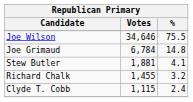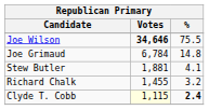 <table class="wikitable" style="margin: 1em 1em 1em 0; font-size: 95%;">
 <tr style="background-color:#E9E9E9">
 <th colspan="3">Republican Primary</th>
 </tr>
 <tr style="background-color:#E9E9E9">
 <th colspan="1" style="width: 170px">Candidate</th>
 <th style="width: 50px">Votes</th>
 <th style="width: 40px">%</th>
 </tr>
 <tr>
 </tr>
 <tr>
 <td><a href='#'>Joe Wilson</a></td>
-<td align="right">34,646</td>
+<td align="right"><strong>34,646</strong></td>
 <td align="right">75.5</td>
 </tr>
 <tr>
 <td>Joe Grimaud</td>
 <td align="right">6,784</td>
 <td align="right">14.8</td>
 </tr>
 <tr>
 <td>Stew Butler</td>
 <td align="right">1,881</td>
 <td align="right">4.1</td>
 </tr>
 <tr>
 <td>Richard Chalk</td>
 <td align="right">1,455</td>
 <td align="right">3.2</td>
 </tr>
 <tr>
 <td>Clyde T. Cobb</td>
-<td align="right">1,115</td>
-<td align="right">2.4</td>
+<td align="right" style="background: lightyellow;">1,115</td>
+<td align="right"><strong>2.4</strong></td>
 </tr>
 <tr>
 </tr>
 </table>
